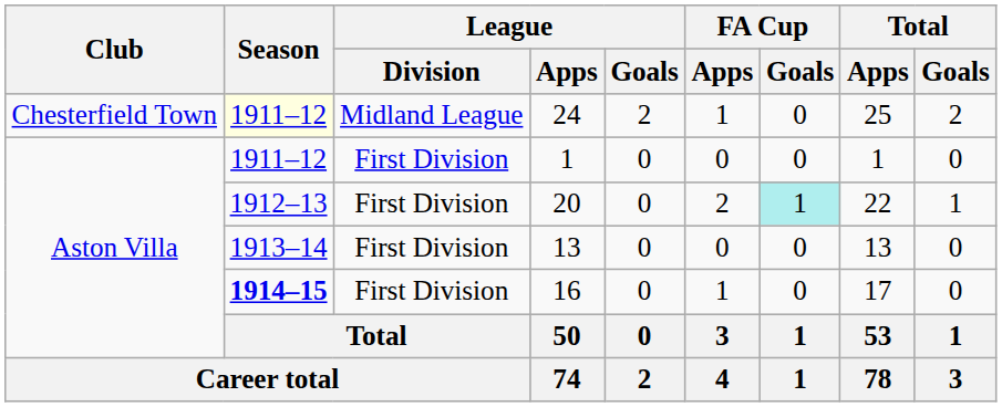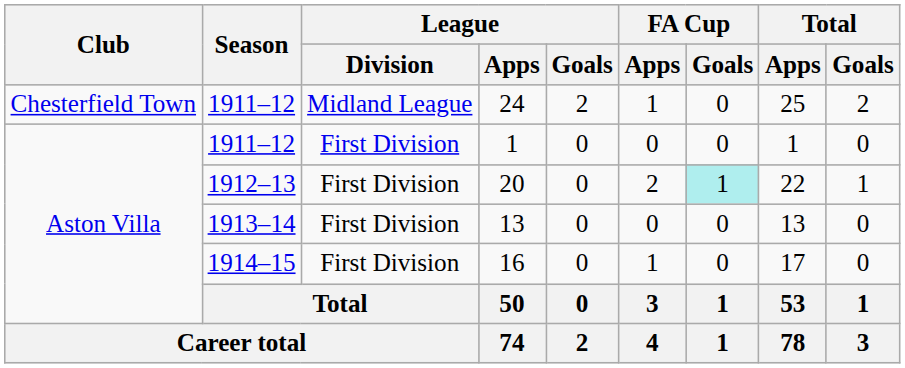 <table class="wikitable" style="text-align: center;">
 <tr>
 <th rowspan="2">Club</th>
 <th rowspan="2">Season</th>
 <th colspan="3">League</th>
 <th colspan="2">FA Cup</th>
 <th colspan="2">Total</th>
 </tr>
 <tr>
 <th>Division</th>
 <th>Apps</th>
 <th>Goals</th>
 <th>Apps</th>
 <th>Goals</th>
 <th>Apps</th>
 <th>Goals</th>
 </tr>
 <tr>
 <td><a href='#'>Chesterfield Town</a></td>
-<td style="background: lightyellow;"><a href='#'>1911–12</a></td>
+<td><a href='#'>1911–12</a></td>
 <td><a href='#'>Midland League</a></td>
 <td>24</td>
 <td>2</td>
 <td>1</td>
 <td>0</td>
 <td>25</td>
 <td>2</td>
 </tr>
 <tr>
 <td rowspan="5"><a href='#'>Aston Villa</a></td>
 <td><a href='#'>1911–12</a></td>
 <td><a href='#'>First Division</a></td>
 <td>1</td>
 <td>0</td>
 <td>0</td>
 <td>0</td>
 <td>1</td>
 <td>0</td>
 </tr>
 <tr>
 <td><a href='#'>1912–13</a></td>
 <td>First Division</td>
 <td>20</td>
 <td>0</td>
 <td>2</td>
 <td style="background: paleturquoise;">1</td>
 <td>22</td>
 <td>1</td>
 </tr>
 <tr>
 <td><a href='#'>1913–14</a></td>
 <td>First Division</td>
 <td>13</td>
 <td>0</td>
 <td>0</td>
 <td>0</td>
 <td>13</td>
 <td>0</td>
 </tr>
 <tr>
-<td><strong><a href='#'>1914–15</a></strong></td>
+<td><a href='#'>1914–15</a></td>
 <td>First Division</td>
 <td>16</td>
 <td>0</td>
 <td>1</td>
 <td>0</td>
 <td>17</td>
 <td>0</td>
 </tr>
 <tr>
 <th colspan="2">Total</th>
 <th>50</th>
 <th>0</th>
 <th>3</th>
 <th>1</th>
 <th>53</th>
 <th>1</th>
 </tr>
 <tr>
 <th colspan="3">Career total</th>
 <th>74</th>
 <th>2</th>
 <th>4</th>
 <th>1</th>
 <th>78</th>
 <th>3</th>
 </tr>
 </table>
